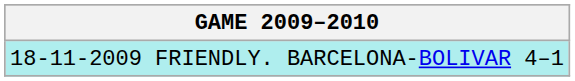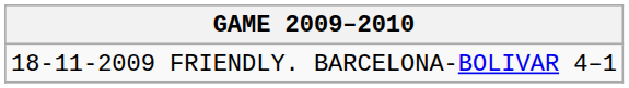 <table class="wikitable collapsed">
 <tr>
 <th>GAME 2009–2010 </th>
 </tr>
 <tr>
-<td style="background: paleturquoise;">18-11-2009 FRIENDLY. BARCELONA-<a href='#'>BOLIVAR</a> 4–1</td>
+<td>18-11-2009 FRIENDLY. BARCELONA-<a href='#'>BOLIVAR</a> 4–1</td>
 </tr>
 </table>
